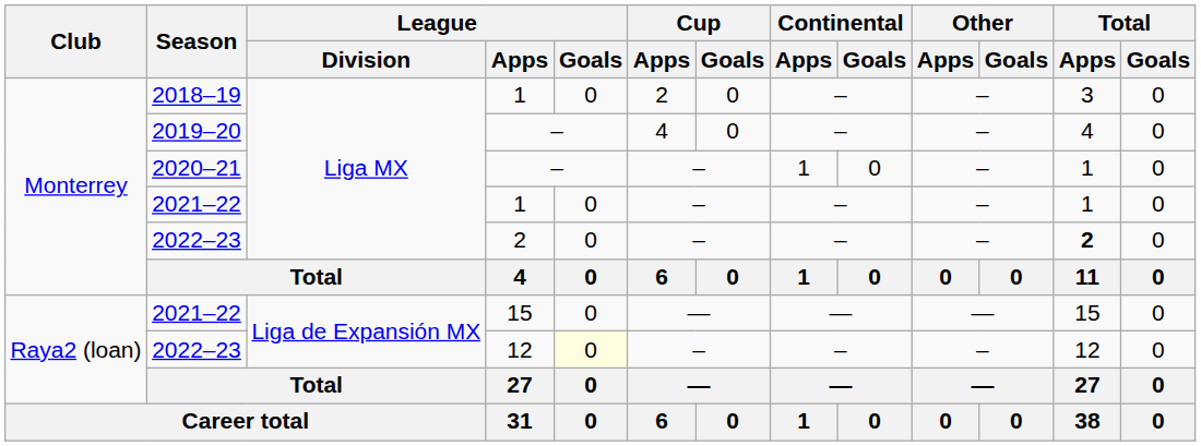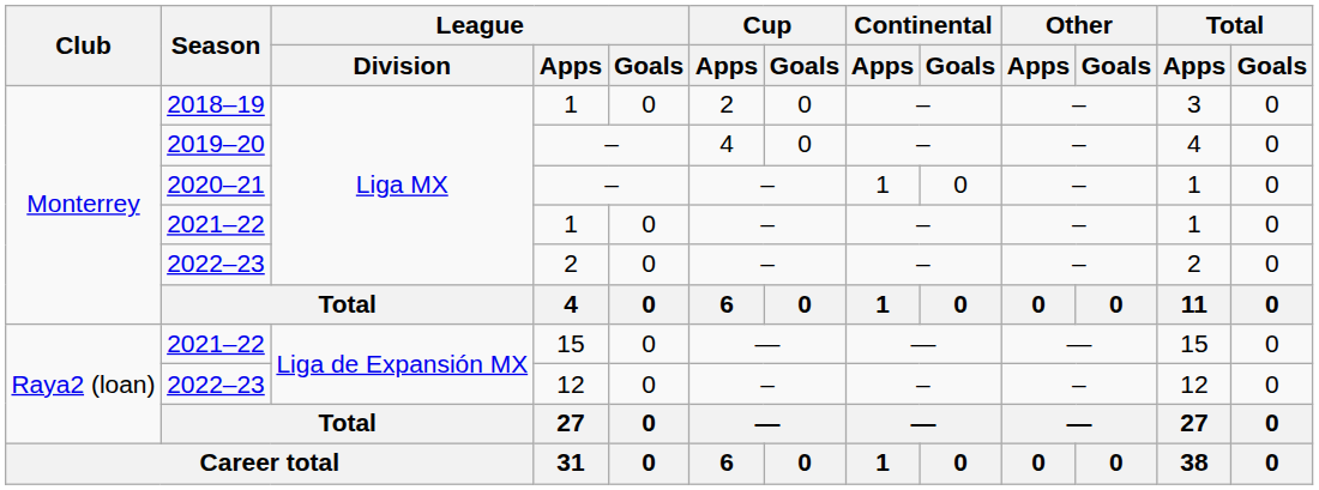 <table class="wikitable" style="text-align: center">
 <tr>
 <th rowspan="2">Club</th>
 <th rowspan="2">Season</th>
 <th colspan="3">League</th>
 <th colspan="2">Cup</th>
 <th colspan="2">Continental</th>
 <th colspan="2">Other</th>
 <th colspan="2">Total</th>
 </tr>
 <tr>
 <th>Division</th>
 <th>Apps</th>
 <th>Goals</th>
 <th>Apps</th>
 <th>Goals</th>
 <th>Apps</th>
 <th>Goals</th>
 <th>Apps</th>
 <th>Goals</th>
 <th>Apps</th>
 <th>Goals</th>
 </tr>
 <tr>
 <td rowspan="6"><a href='#'>Monterrey</a></td>
 <td><a href='#'>2018–19</a></td>
 <td rowspan="5"><a href='#'>Liga MX</a></td>
 <td>1</td>
 <td>0</td>
 <td>2</td>
 <td>0</td>
 <td colspan="2">–</td>
 <td colspan=2>–</td>
 <td>3</td>
 <td>0</td>
 </tr>
 <tr>
 <td><a href='#'>2019–20</a></td>
 <td colspan="2">–</td>
 <td>4</td>
 <td>0</td>
 <td colspan=2>–</td>
 <td colspan=2>–</td>
 <td>4</td>
 <td>0</td>
 </tr>
 <tr>
 <td><a href='#'>2020–21</a></td>
 <td colspan="2">–</td>
 <td colspan=2>–</td>
 <td>1</td>
 <td>0</td>
 <td colspan=2>–</td>
 <td>1</td>
 <td>0</td>
 </tr>
 <tr>
 <td><a href='#'>2021–22</a></td>
 <td>1</td>
 <td>0</td>
 <td colspan=2>–</td>
 <td colspan=2>–</td>
 <td colspan=2>–</td>
 <td>1</td>
 <td>0</td>
 </tr>
 <tr>
 <td><a href='#'>2022–23</a></td>
 <td>2</td>
 <td>0</td>
 <td colspan=2>–</td>
 <td colspan=2>–</td>
 <td colspan=2>–</td>
-<td><strong>2</strong></td>
+<td>2</td>
 <td>0</td>
 </tr>
 <tr>
 <th colspan="2">Total</th>
 <th>4</th>
 <th>0</th>
 <th>6</th>
 <th>0</th>
 <th>1</th>
 <th>0</th>
 <th>0</th>
 <th>0</th>
 <th>11</th>
 <th>0</th>
 </tr>
 <tr>
 <td rowspan="3"><a href='#'>Raya2</a> (loan)</td>
 <td><a href='#'>2021–22</a></td>
 <td rowspan="2"><a href='#'>Liga de Expansión MX</a></td>
 <td>15</td>
 <td>0</td>
 <td colspan=2>—</td>
 <td colspan=2>—</td>
 <td colspan=2>—</td>
 <td>15</td>
 <td>0</td>
 </tr>
 <tr>
 <td><a href='#'>2022–23</a></td>
 <td>12</td>
-<td style="background: lightyellow;">0</td>
+<td>0</td>
 <td colspan=2>–</td>
 <td colspan=2>–</td>
 <td colspan=2>–</td>
 <td>12</td>
 <td>0</td>
 </tr>
 <tr>
 <th colspan="2">Total</th>
 <th>27</th>
 <th>0</th>
 <th colspan=2>—</th>
 <th colspan=2>—</th>
 <th colspan=2>—</th>
 <th>27</th>
 <th>0</th>
 </tr>
 <tr>
 <th colspan="3"><strong>Career total</strong></th>
 <th>31</th>
 <th>0</th>
 <th>6</th>
 <th>0</th>
 <th>1</th>
 <th>0</th>
 <th>0</th>
 <th>0</th>
 <th>38</th>
 <th>0</th>
 </tr>
 </table>
